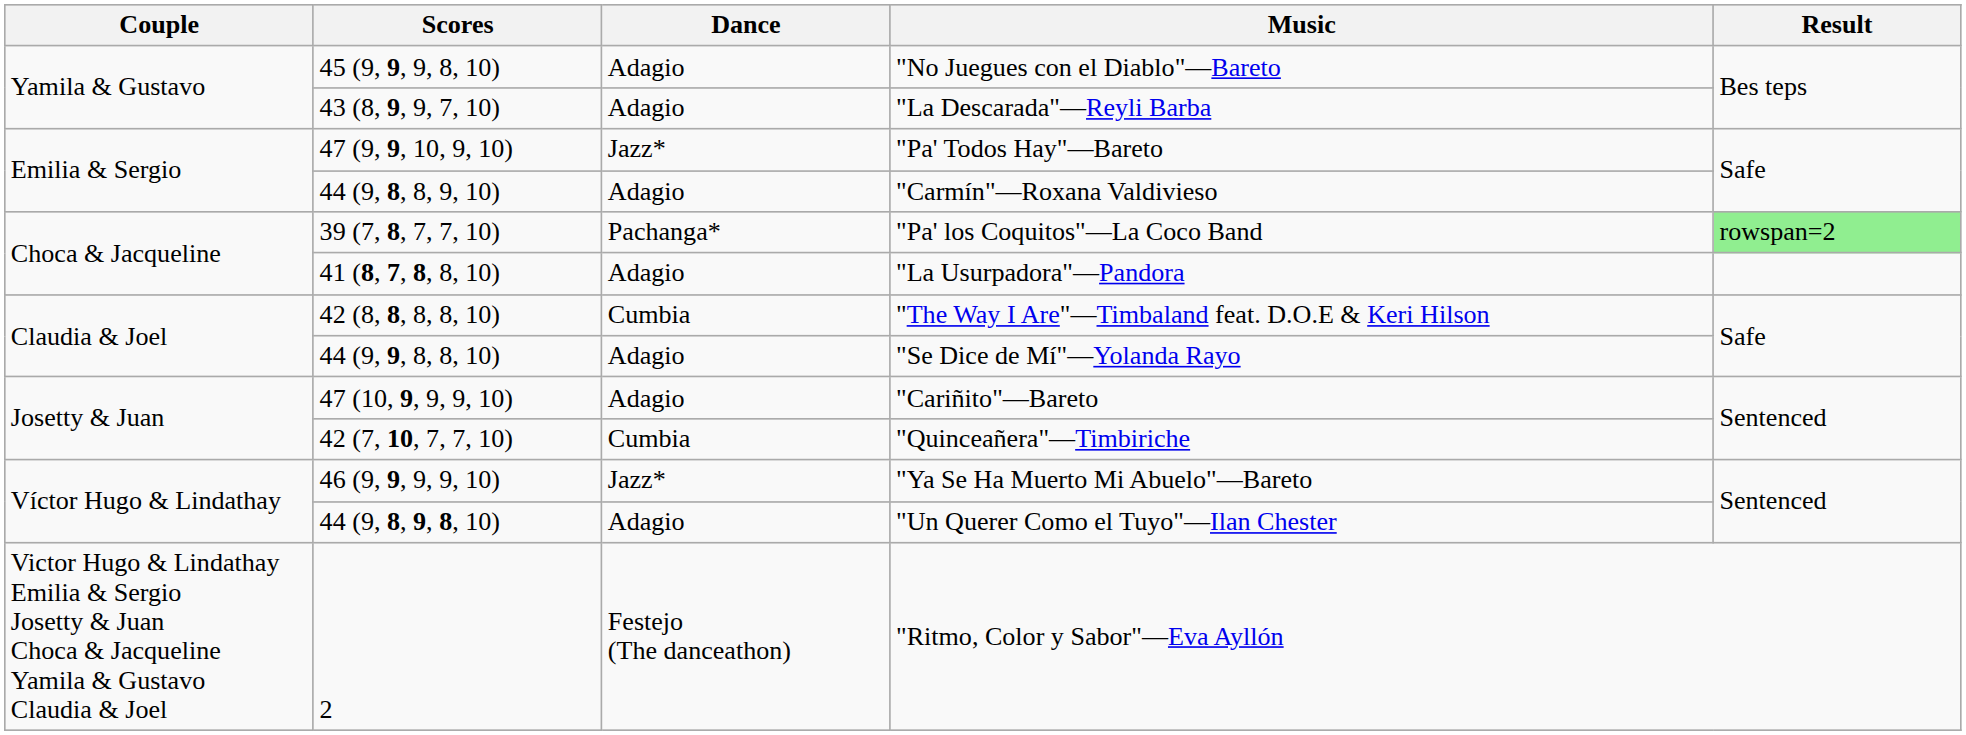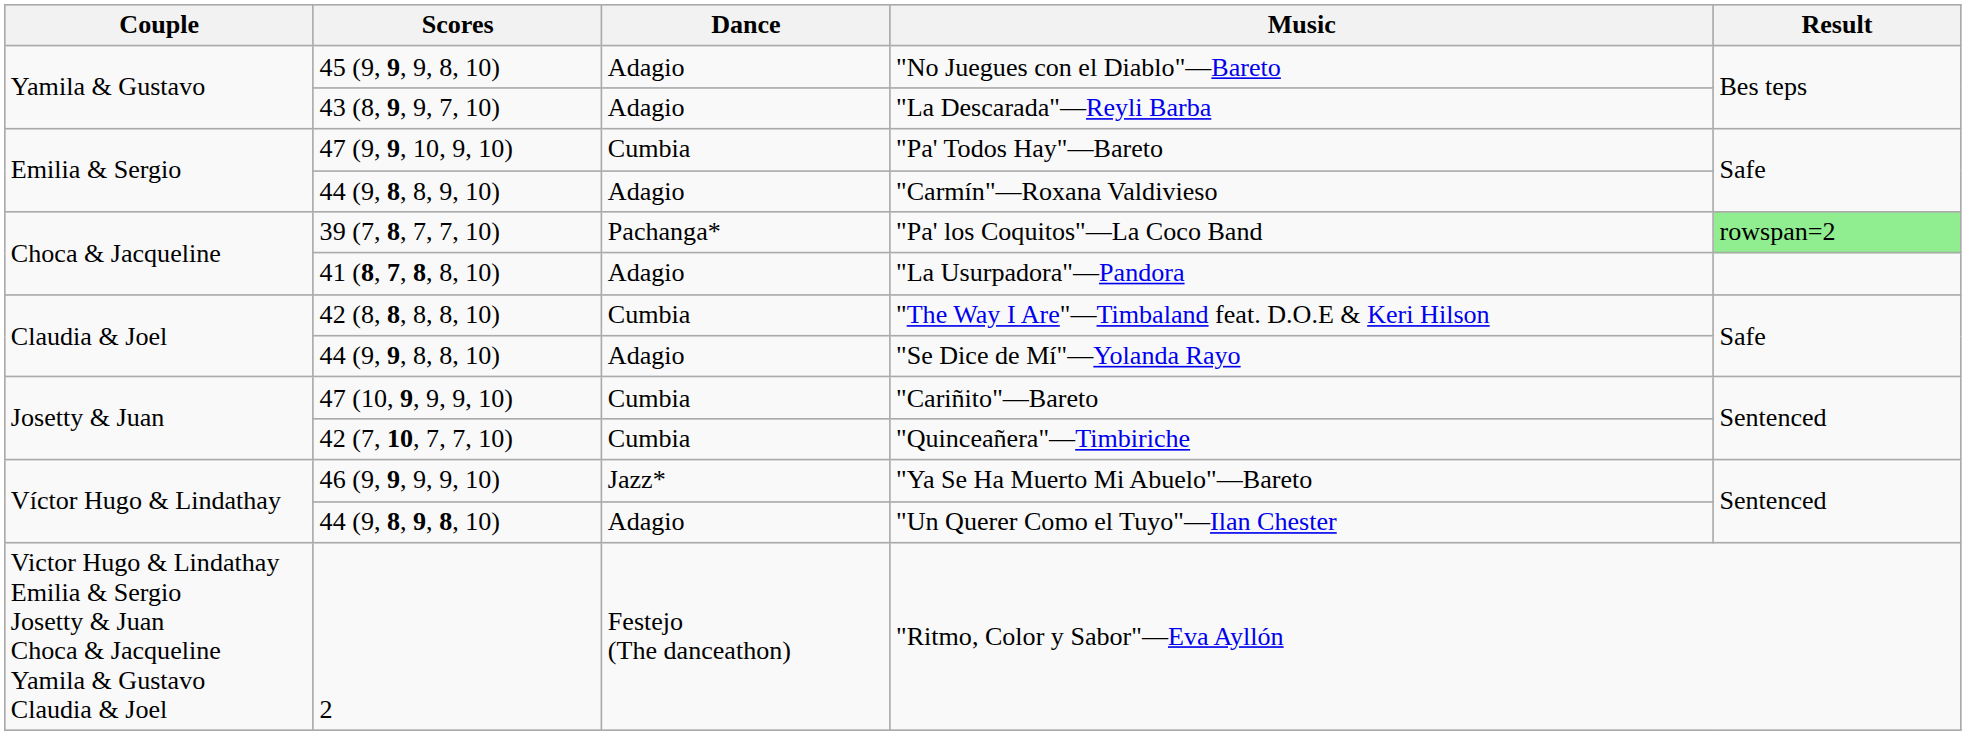 <table class="wikitable sortable" style="width:95%; white-space:nowrap">
 <tr>
 <th style="width:15%;">Couple</th>
 <th style="width:14%;">Scores</th>
 <th style="width:14%;">Dance</th>
 <th style="width:40%;">Music</th>
 <th style="width:12%;">Result</th>
 </tr>
 <tr>
 <td rowspan=2>Yamila & Gustavo</td>
 <td>45 (9, <strong>9</strong>, 9, 8, 10)</td>
 <td>Adagio</td>
 <td>"No Juegues con el Diablo"—<a href='#'>Bareto</a></td>
 <td rowspan=2>Bes teps</td>
 </tr>
 <tr>
 <td>43 (8, <strong>9</strong>, 9, 7, 10)</td>
 <td>Adagio</td>
 <td>"La Descarada"—<a href='#'>Reyli Barba</a></td>
 </tr>
 <tr>
 <td rowspan=2>Emilia & Sergio</td>
 <td>47 (9, <strong>9</strong>, 10, 9, 10)</td>
-<td>Jazz*</td>
+<td>Cumbia</td>
 <td>"Pa' Todos Hay"—Bareto</td>
 <td rowspan=2>Safe</td>
 </tr>
 <tr>
 <td>44 (9, <strong>8</strong>, 8, 9, 10)</td>
 <td>Adagio</td>
 <td>"Carmín"—Roxana Valdivieso</td>
 </tr>
 <tr>
 <td rowspan=2>Choca & Jacqueline</td>
 <td>39 (7, <strong>8</strong>, 7, 7, 10)</td>
 <td>Pachanga*</td>
 <td>"Pa' los Coquitos"—La Coco Band</td>
 <td style="background: lightgreen;">rowspan=2 </td>
 </tr>
 <tr>
 <td>41 (<strong>8</strong>, <strong>7</strong>, <strong>8</strong>, 8, 10)</td>
 <td>Adagio</td>
 <td>"La Usurpadora"—<a href='#'>Pandora</a></td>
 </tr>
 <tr>
 <td rowspan=2>Claudia & Joel</td>
 <td>42 (8, <strong>8</strong>, 8, 8, 10)</td>
 <td>Cumbia</td>
 <td>"<a href='#'>The Way I Are</a>"—<a href='#'>Timbaland</a> feat. D.O.E & <a href='#'>Keri Hilson</a></td>
 <td rowspan=2>Safe</td>
 </tr>
 <tr>
 <td>44 (9, <strong>9</strong>, 8, 8, 10)</td>
 <td>Adagio</td>
 <td>"Se Dice de Mí"—<a href='#'>Yolanda Rayo</a></td>
 </tr>
 <tr>
 <td rowspan=2>Josetty & Juan</td>
 <td>47 (10, <strong>9</strong>, 9, 9, 10)</td>
-<td>Adagio</td>
+<td>Cumbia</td>
 <td>"Cariñito"—Bareto</td>
 <td rowspan=2>Sentenced</td>
 </tr>
 <tr>
 <td>42 (7, <strong>10</strong>, 7, 7, 10)</td>
 <td>Cumbia</td>
 <td>"Quinceañera"—<a href='#'>Timbiriche</a></td>
 </tr>
 <tr>
 <td rowspan=2>Víctor Hugo & Lindathay</td>
 <td>46 (9, <strong>9</strong>, 9, 9, 10)</td>
 <td>Jazz*</td>
 <td>"Ya Se Ha Muerto Mi Abuelo"—Bareto</td>
 <td rowspan=2>Sentenced</td>
 </tr>
 <tr>
 <td>44 (9, <strong>8</strong>, <strong>9</strong>, <strong>8</strong>, 10)</td>
 <td>Adagio</td>
 <td>"Un Querer Como el Tuyo"—<a href='#'>Ilan Chester</a></td>
 </tr>
 <tr>
 <td>Victor Hugo & Lindathay<br>Emilia & Sergio<br>Josetty & Juan<br>Choca & Jacqueline<br>Yamila & Gustavo<br>Claudia & Joel</td>
 <td valign="top"><br><br><br><br><br>2</td>
 <td>Festejo<br>(The danceathon)</td>
 <td colspan="2">"Ritmo, Color y Sabor"—<a href='#'>Eva Ayllón</a></td>
 </tr>
 </table>
